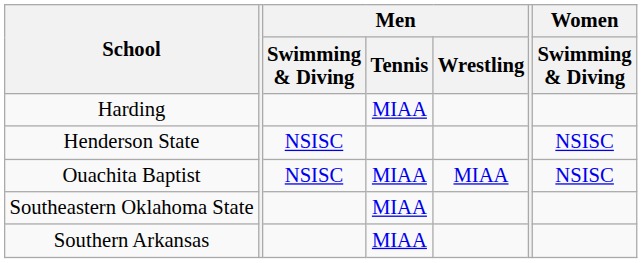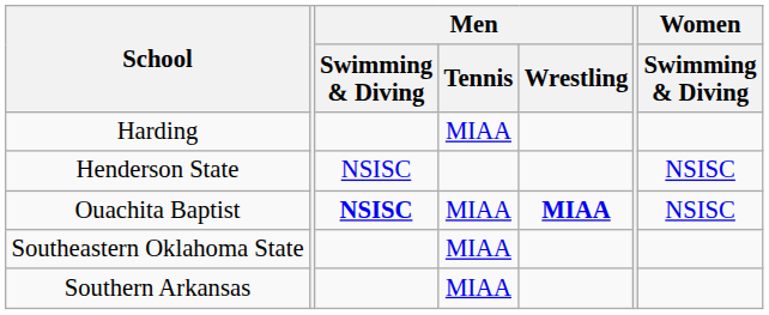 <table class=wikitable style=text-align:center>
 <tr>
 <th rowspan=2>School</th>
 <th rowspan=7 width=2 style=padding:0></th>
 <th colspan=3>Men</th>
 <th rowspan=7 width=2 style=padding:0></th>
 <th>Women</th>
 </tr>
 <tr>
 <th>Swimming<br>& Diving</th>
 <th>Tennis</th>
 <th>Wrestling</th>
 <th>Swimming<br>& Diving</th>
 </tr>
 <tr>
 <td>Harding</td>
 <td></td>
 <td><a href='#'>MIAA</a></td>
 <td></td>
 <td></td>
 </tr>
 <tr>
 <td>Henderson State</td>
 <td><a href='#'>NSISC</a></td>
 <td></td>
 <td></td>
 <td><a href='#'>NSISC</a></td>
 </tr>
 <tr>
 <td>Ouachita Baptist</td>
-<td><a href='#'>NSISC</a></td>
+<td><strong><a href='#'>NSISC</a></strong></td>
 <td><a href='#'>MIAA</a></td>
-<td><a href='#'>MIAA</a></td>
+<td><strong><a href='#'>MIAA</a></strong></td>
 <td><a href='#'>NSISC</a></td>
 </tr>
 <tr>
 <td>Southeastern Oklahoma State</td>
 <td></td>
 <td><a href='#'>MIAA</a></td>
 <td></td>
 <td></td>
 </tr>
 <tr>
 <td>Southern Arkansas</td>
 <td></td>
 <td><a href='#'>MIAA</a></td>
 <td></td>
 <td></td>
 </tr>
 </table>
